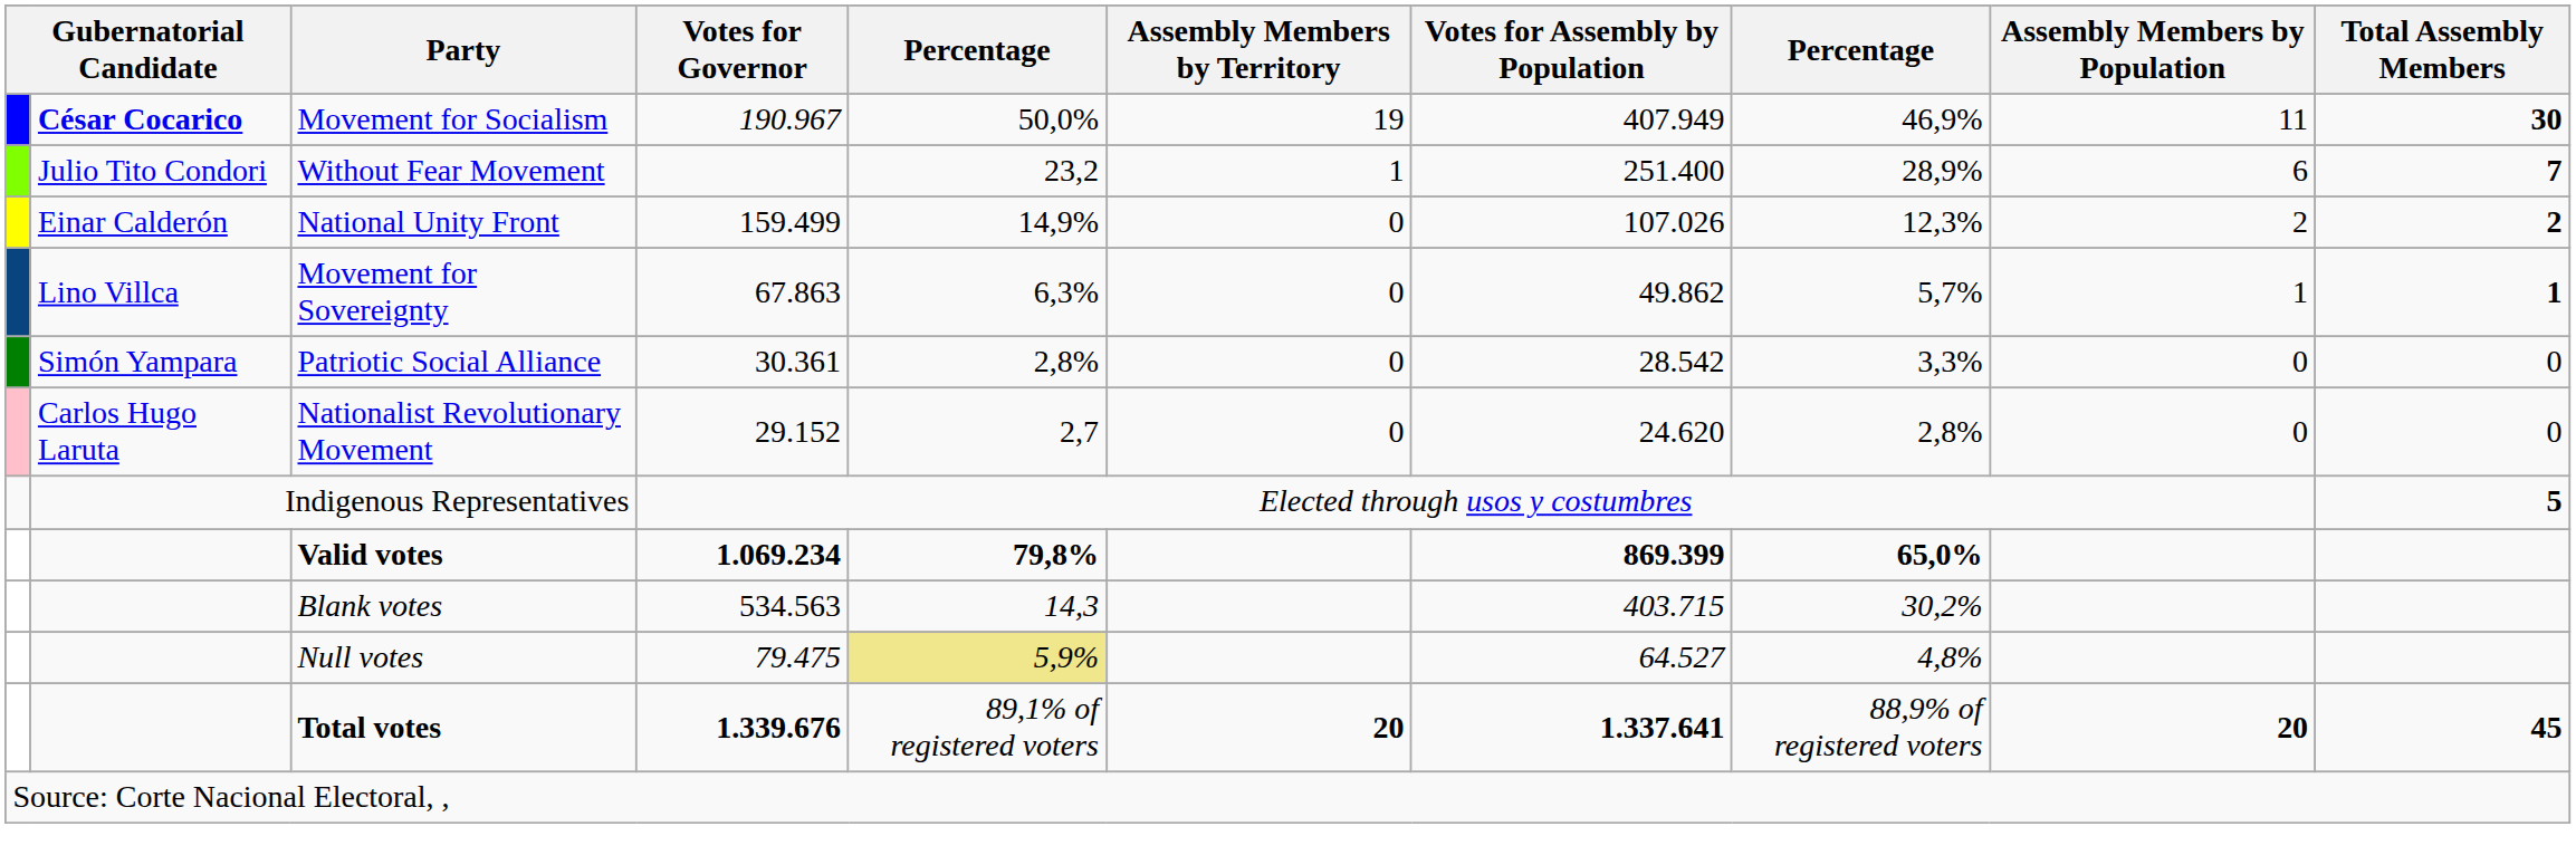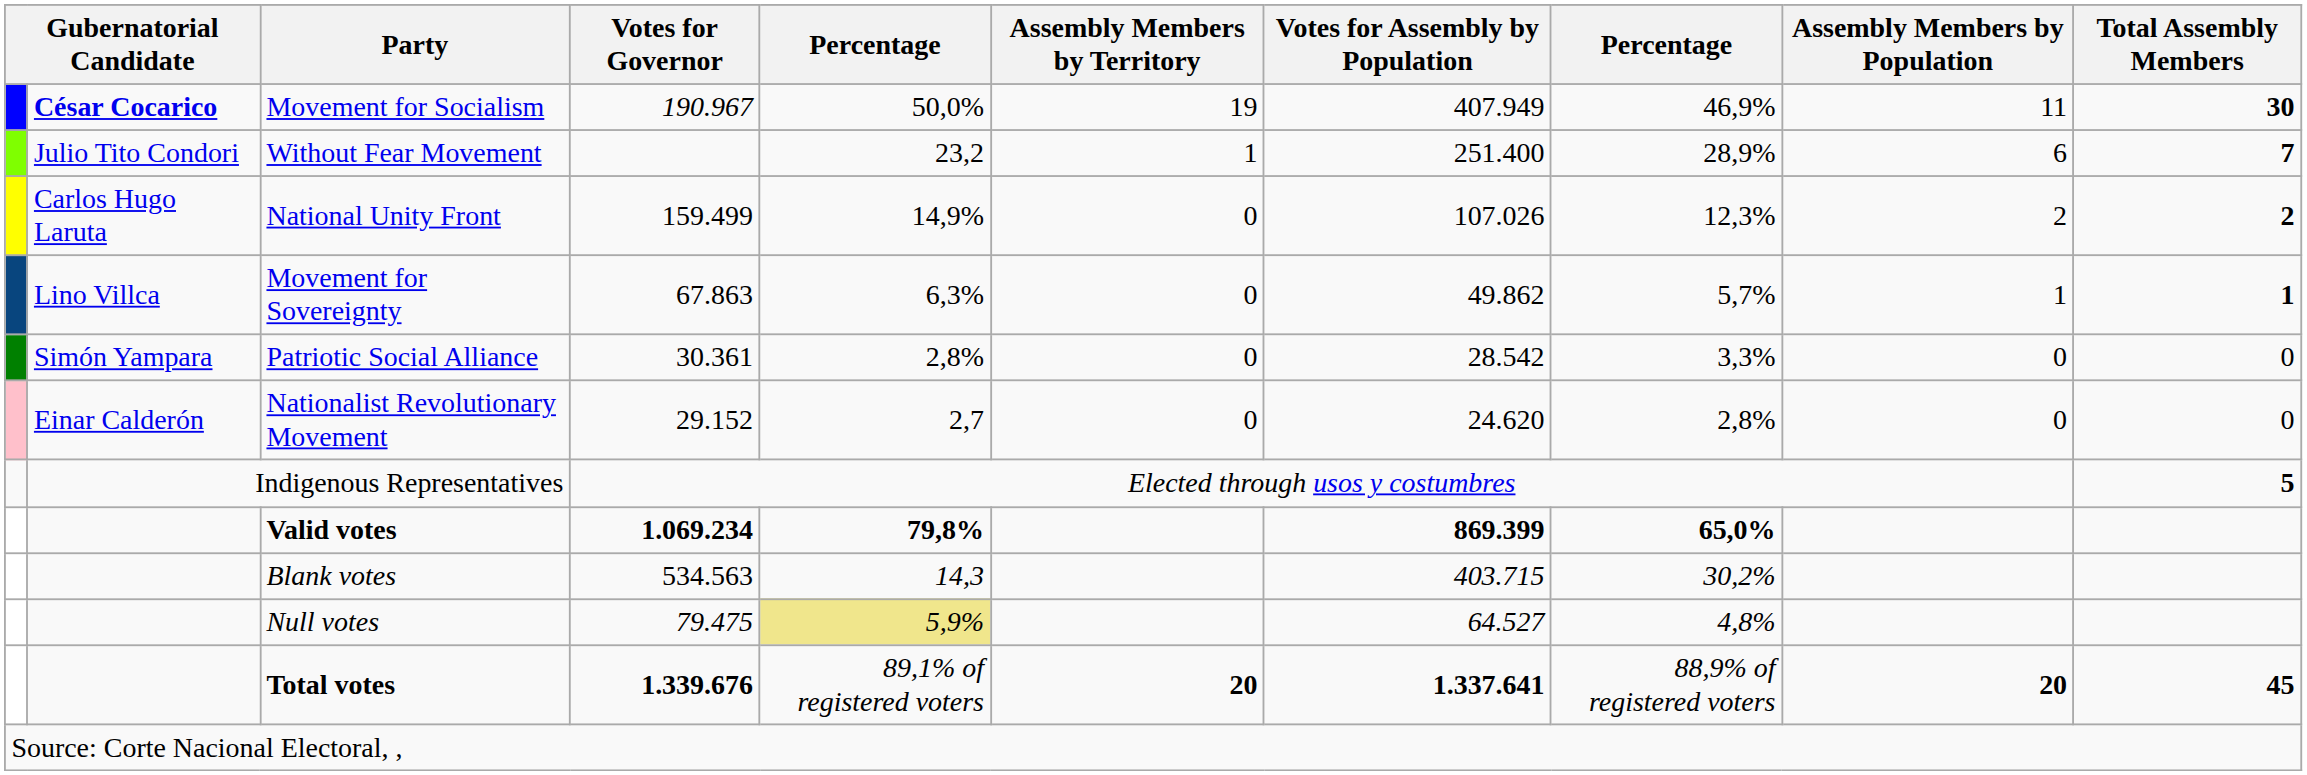 <table class="wikitable" style="font-size: 95%">
 <tr>
 <th colspan="2">Gubernatorial Candidate</th>
 <th>Party</th>
 <th>Votes for Governor</th>
 <th>Percentage</th>
 <th>Assembly Members by Territory</th>
 <th>Votes for Assembly by Population</th>
 <th>Percentage</th>
 <th>Assembly Members by Population</th>
 <th>Total Assembly Members</th>
 </tr>
 <tr>
 <td style="background-color:blue"> </td>
 <td><strong><a href='#'>César Cocarico</a></strong></td>
 <td><a href='#'>Movement for Socialism</a></td>
 <td style="text-align:right;"><em>190.967</em></td>
 <td style="text-align:right;">50,0%</td>
 <td style="text-align:right;">19</td>
 <td style="text-align:right;">407.949</td>
 <td style="text-align:right;">46,9%</td>
 <td style="text-align:right;">11</td>
 <td style="text-align:right;"><strong>30</strong></td>
 </tr>
 <tr>
 <td style="background-color:#7FFF00;"> </td>
 <td><a href='#'>Julio Tito Condori</a></td>
 <td><a href='#'>Without Fear Movement</a></td>
 <td style="text-align:right;"></td>
 <td style="text-align:right;">23,2</td>
 <td style="text-align:right;">1</td>
 <td style="text-align:right;">251.400</td>
 <td style="text-align:right;">28,9%</td>
 <td style="text-align:right;">6</td>
 <td style="text-align:right;"><strong>7</strong></td>
 </tr>
 <tr>
 <td style="background-color:yellow"> </td>
-<td><a href='#'>Einar Calderón</a></td>
+<td><a href='#'>Carlos Hugo Laruta</a></td>
 <td><a href='#'>National Unity Front</a></td>
 <td style="text-align:right;">159.499</td>
 <td style="text-align:right;">14,9%</td>
 <td style="text-align:right;">0</td>
 <td style="text-align:right;">107.026</td>
 <td style="text-align:right;">12,3%</td>
 <td style="text-align:right;">2</td>
 <td style="text-align:right;"><strong>2</strong></td>
 </tr>
 <tr>
 <td style="background-color:#08457E;"> </td>
 <td><a href='#'>Lino Villca</a></td>
 <td><a href='#'>Movement for Sovereignty</a></td>
 <td style="text-align:right;">67.863</td>
 <td style="text-align:right;">6,3%</td>
 <td style="text-align:right;">0</td>
 <td style="text-align:right;">49.862</td>
 <td style="text-align:right;">5,7%</td>
 <td style="text-align:right;">1</td>
 <td style="text-align:right;"><strong>1</strong></td>
 </tr>
 <tr>
 <td style="background-color:green"> </td>
 <td><a href='#'>Simón Yampara</a></td>
 <td><a href='#'>Patriotic Social Alliance</a></td>
 <td style="text-align:right;">30.361</td>
 <td style="text-align:right;">2,8%</td>
 <td style="text-align:right;">0</td>
 <td style="text-align:right;">28.542</td>
 <td style="text-align:right;">3,3%</td>
 <td style="text-align:right;">0</td>
 <td style="text-align:right;">0</td>
 </tr>
 <tr>
 <td style="background-color:pink"> </td>
-<td><a href='#'>Carlos Hugo Laruta</a></td>
+<td><a href='#'>Einar Calderón</a></td>
 <td><a href='#'>Nationalist Revolutionary Movement</a></td>
 <td style="text-align:right;">29.152</td>
 <td style="text-align:right;">2,7</td>
 <td style="text-align:right;">0</td>
 <td style="text-align:right;">24.620</td>
 <td style="text-align:right;">2,8%</td>
 <td style="text-align:right;">0</td>
 <td style="text-align:right;">0</td>
 </tr>
 <tr>
 <td></td>
 <td colspan="2" style="text-align:right;">Indigenous Representatives</td>
 <td colspan="6" style="text-align:center;"><em>Elected through <a href='#'>usos y costumbres</a></em></td>
 <td style="text-align:right;"><strong>5</strong></td>
 </tr>
 <tr>
 <td style="background-color:white"> </td>
 <td></td>
 <td><strong>Valid votes</strong></td>
 <td style="text-align:right;"><strong>1.069.234</strong></td>
 <td style="text-align:right;"><strong>79,8%</strong></td>
 <td></td>
 <td style="text-align:right;"><strong>869.399</strong></td>
 <td style="text-align:right;"><strong>65,0%</strong></td>
 <td></td>
 <td></td>
 </tr>
 <tr>
 <td style="background-color:white"> </td>
 <td></td>
 <td><em>Blank votes</em></td>
 <td style="text-align:right;">534.563</td>
 <td style="text-align:right;"><em>14,3</em></td>
 <td></td>
 <td style="text-align:right;"><em>403.715</em></td>
 <td style="text-align:right;"><em>30,2%</em></td>
 <td></td>
 <td></td>
 </tr>
 <tr>
 <td style="background-color:white"> </td>
 <td></td>
 <td><em>Null votes</em></td>
 <td style="text-align:right;"><em>79.475</em></td>
 <td style="background: khaki; text-align:right;"><em>5,9%</em></td>
 <td></td>
 <td style="text-align:right;"><em>64.527</em></td>
 <td style="text-align:right;"><em>4,8%</em></td>
 <td></td>
 <td></td>
 </tr>
 <tr>
 <td style="background-color:white"> </td>
 <td></td>
 <td><strong>Total votes</strong></td>
 <td style="text-align:right;"><strong>1.339.676</strong></td>
 <td style="text-align:right;"><em>89,1% of registered voters</em></td>
 <td style="text-align:right;"><strong>20</strong></td>
 <td style="text-align:right;"><strong>1.337.641</strong></td>
 <td style="text-align:right;"><em>88,9% of registered voters</em></td>
 <td style="text-align:right;"><strong>20</strong></td>
 <td style="text-align:right;"><strong>45</strong></td>
 </tr>
 <tr>
 <td colspan="10">Source: Corte Nacional Electoral, , </td>
 </tr>
 </table>
